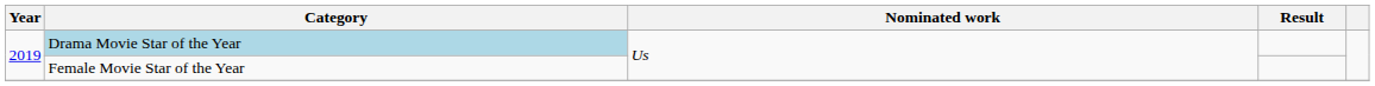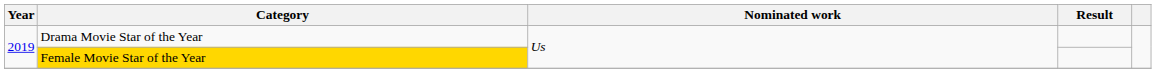 <table class=wikitable>
 <tr>
 <th scope="col" style="width:1em;">Year</th>
 <th scope="col" style="width:36em;">Category</th>
 <th scope="col" style="width:39em;">Nominated work</th>
 <th scope="col" style="width:5em;">Result</th>
 <th scope="col" style="width:1em;"></th>
 </tr>
 <tr>
 <td rowspan="2"><a href='#'>2019</a></td>
-<td style="background: lightblue;">Drama Movie Star of the Year</td>
+<td>Drama Movie Star of the Year</td>
 <td rowspan="2"><em>Us</em></td>
 <td></td>
 <td rowspan="2"></td>
 </tr>
 <tr>
-<td>Female Movie Star of the Year</td>
+<td style="background: gold;">Female Movie Star of the Year</td>
 <td></td>
 </tr>
 <tr>
 </tr>
 </table>
